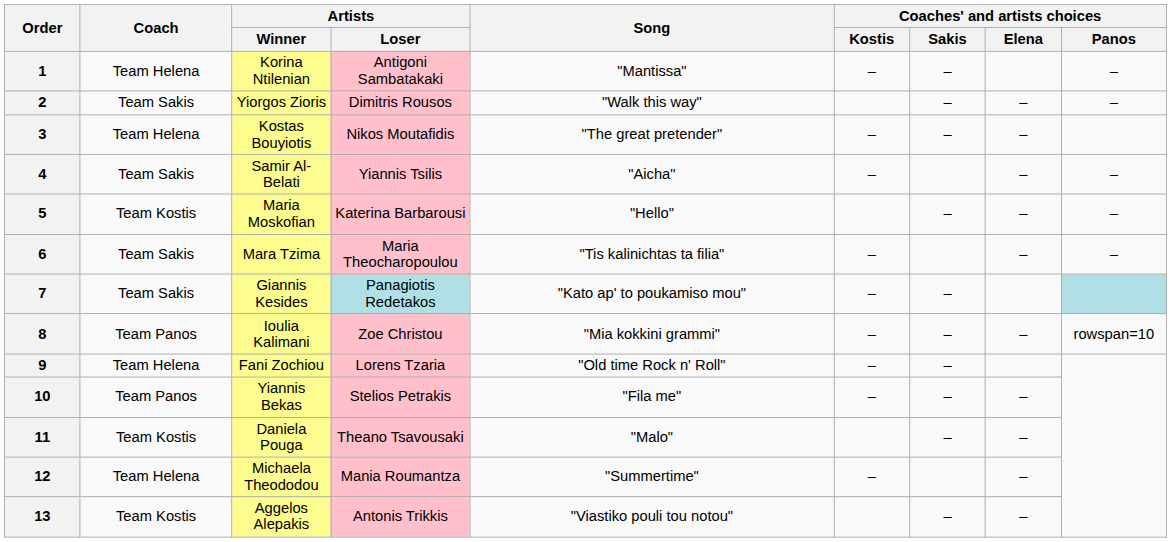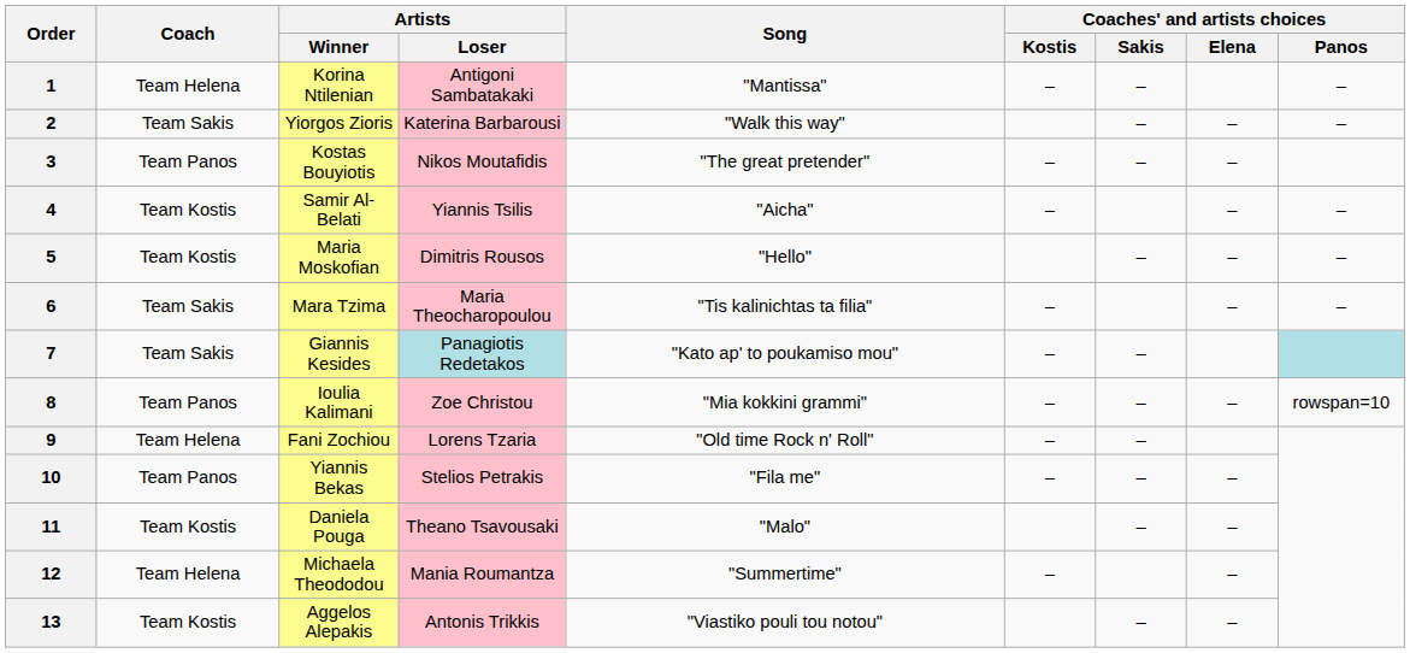 <table class="wikitable" style="text-align:center; width:100%;">
 <tr>
 <th scope="col" style="width:05%;" rowspan="2">Order</th>
 <th scope="col" style="width:10%;" rowspan="2">Coach</th>
 <th scope="col" style="width:26%;" colspan="2">Artists</th>
 <th scope="col" style="width:24%;" rowspan="2">Song</th>
 <th scope="col" style="width:20%;" colspan="4">Coaches' and artists choices</th>
 </tr>
 <tr>
 <th style="width:05%;">Winner</th>
 <th style="width:05%;">Loser</th>
 <th style="width:05%;">Kostis</th>
 <th style="width:05%;">Sakis</th>
 <th style="width:05%;">Elena</th>
 <th style="width:05%;">Panos</th>
 </tr>
 <tr>
 <th scope="col">1</th>
 <td>Team Helena</td>
 <td style="background:#fdfc8f;text-align:center;">Korina Ntilenian</td>
 <td style="background:pink;text-align:center;">Antigoni Sambatakaki</td>
 <td>"Mantissa"</td>
 <td>–</td>
 <td>–</td>
 <td></td>
 <td>–</td>
 </tr>
 <tr>
 <th scope="col">2</th>
 <td>Team Sakis</td>
 <td style="background:#fdfc8f;text-align:center;">Yiorgos Zioris</td>
-<td style="background:pink;text-align:center;">Dimitris Rousos</td>
+<td style="background:pink;text-align:center;">Katerina Barbarousi</td>
 <td>"Walk this way"</td>
 <td></td>
 <td>–</td>
 <td>–</td>
 <td>–</td>
 </tr>
 <tr>
 <th scope="col">3</th>
-<td>Team Helena</td>
+<td>Team Panos</td>
 <td style="background:#fdfc8f;text-align:center;">Kostas Bouyiotis</td>
 <td style="background:pink;text-align:center;">Nikos Moutafidis</td>
 <td>"The great pretender"</td>
 <td>–</td>
 <td>–</td>
 <td>–</td>
 <td></td>
 </tr>
 <tr>
 <th scope="col">4</th>
-<td>Team Sakis</td>
+<td>Team Kostis</td>
 <td style="background:#fdfc8f;text-align:center;">Samir Al-Belati</td>
 <td style="background:pink;text-align:center;">Yiannis Tsilis</td>
 <td>"Aicha"</td>
 <td>–</td>
 <td></td>
 <td>–</td>
 <td>–</td>
 </tr>
 <tr>
 <th scope="col">5</th>
 <td>Team Kostis</td>
 <td style="background:#fdfc8f;text-align:center;">Maria Moskofian</td>
-<td style="background:pink;text-align:center;">Katerina Barbarousi</td>
+<td style="background:pink;text-align:center;">Dimitris Rousos</td>
 <td>"Hello"</td>
 <td></td>
 <td>–</td>
 <td>–</td>
 <td>–</td>
 </tr>
 <tr>
 <th scope="col">6</th>
 <td>Team Sakis</td>
 <td style="background:#fdfc8f;text-align:center;">Mara Tzima</td>
 <td style="background:pink;text-align:center;">Maria Theocharopoulou</td>
 <td>"Tis kalinichtas ta filia"</td>
 <td>–</td>
 <td></td>
 <td>–</td>
 <td>–</td>
 </tr>
 <tr>
 <th scope="col">7</th>
 <td>Team Sakis</td>
 <td style="background:#fdfc8f;text-align:center;">Giannis Kesides</td>
 <td style="background:#b0e0e6;text-align:center;">Panagiotis Redetakos</td>
 <td>"Kato ap' to poukamiso mou"</td>
 <td>–</td>
 <td>–</td>
 <td></td>
 <td style="background:#b0e0e6;"></td>
 </tr>
 <tr>
 <th scope="col">8</th>
 <td>Team Panos</td>
 <td style="background:#fdfc8f;text-align:center;">Ioulia Kalimani</td>
 <td style="background:pink;text-align:center;">Zoe Christou</td>
 <td>"Mia kokkini grammi"</td>
 <td>–</td>
 <td>–</td>
 <td>–</td>
 <td>rowspan=10 </td>
 </tr>
 <tr>
 <th scope="col">9</th>
 <td>Team Helena</td>
 <td style="background:#fdfc8f;text-align:center;">Fani Zochiou</td>
 <td style="background:pink;text-align:center;">Lorens Tzaria</td>
 <td>"Old time Rock n' Roll"</td>
 <td>–</td>
 <td>–</td>
 <td></td>
 </tr>
 <tr>
 <th scope="col">10</th>
 <td>Team Panos</td>
 <td style="background:#fdfc8f;text-align:center;">Yiannis Bekas</td>
 <td style="background:pink;text-align:center;">Stelios Petrakis</td>
 <td>"Fila me"</td>
 <td>–</td>
 <td>–</td>
 <td>–</td>
 </tr>
 <tr>
 <th scope="col">11</th>
 <td>Team Kostis</td>
 <td style="background:#fdfc8f;text-align:center;">Daniela Pouga</td>
 <td style="background:pink;text-align:center;">Theano Tsavousaki</td>
 <td>"Malo"</td>
 <td></td>
 <td>–</td>
 <td>–</td>
 </tr>
 <tr>
 <th scope="col">12</th>
 <td>Team Helena</td>
 <td style="background:#fdfc8f;text-align:center;">Michaela Theododou</td>
 <td style="background:pink;text-align:center;">Mania Roumantza</td>
 <td>"Summertime"</td>
 <td>–</td>
 <td></td>
 <td>–</td>
 </tr>
 <tr>
 <th scope="col">13</th>
 <td>Team Kostis</td>
 <td style="background:#fdfc8f;text-align:center;">Aggelos Alepakis</td>
 <td style="background:pink;text-align:center;">Antonis Trikkis</td>
 <td>"Viastiko pouli tou notou"</td>
 <td></td>
 <td>–</td>
 <td>–</td>
 </tr>
 </table>
